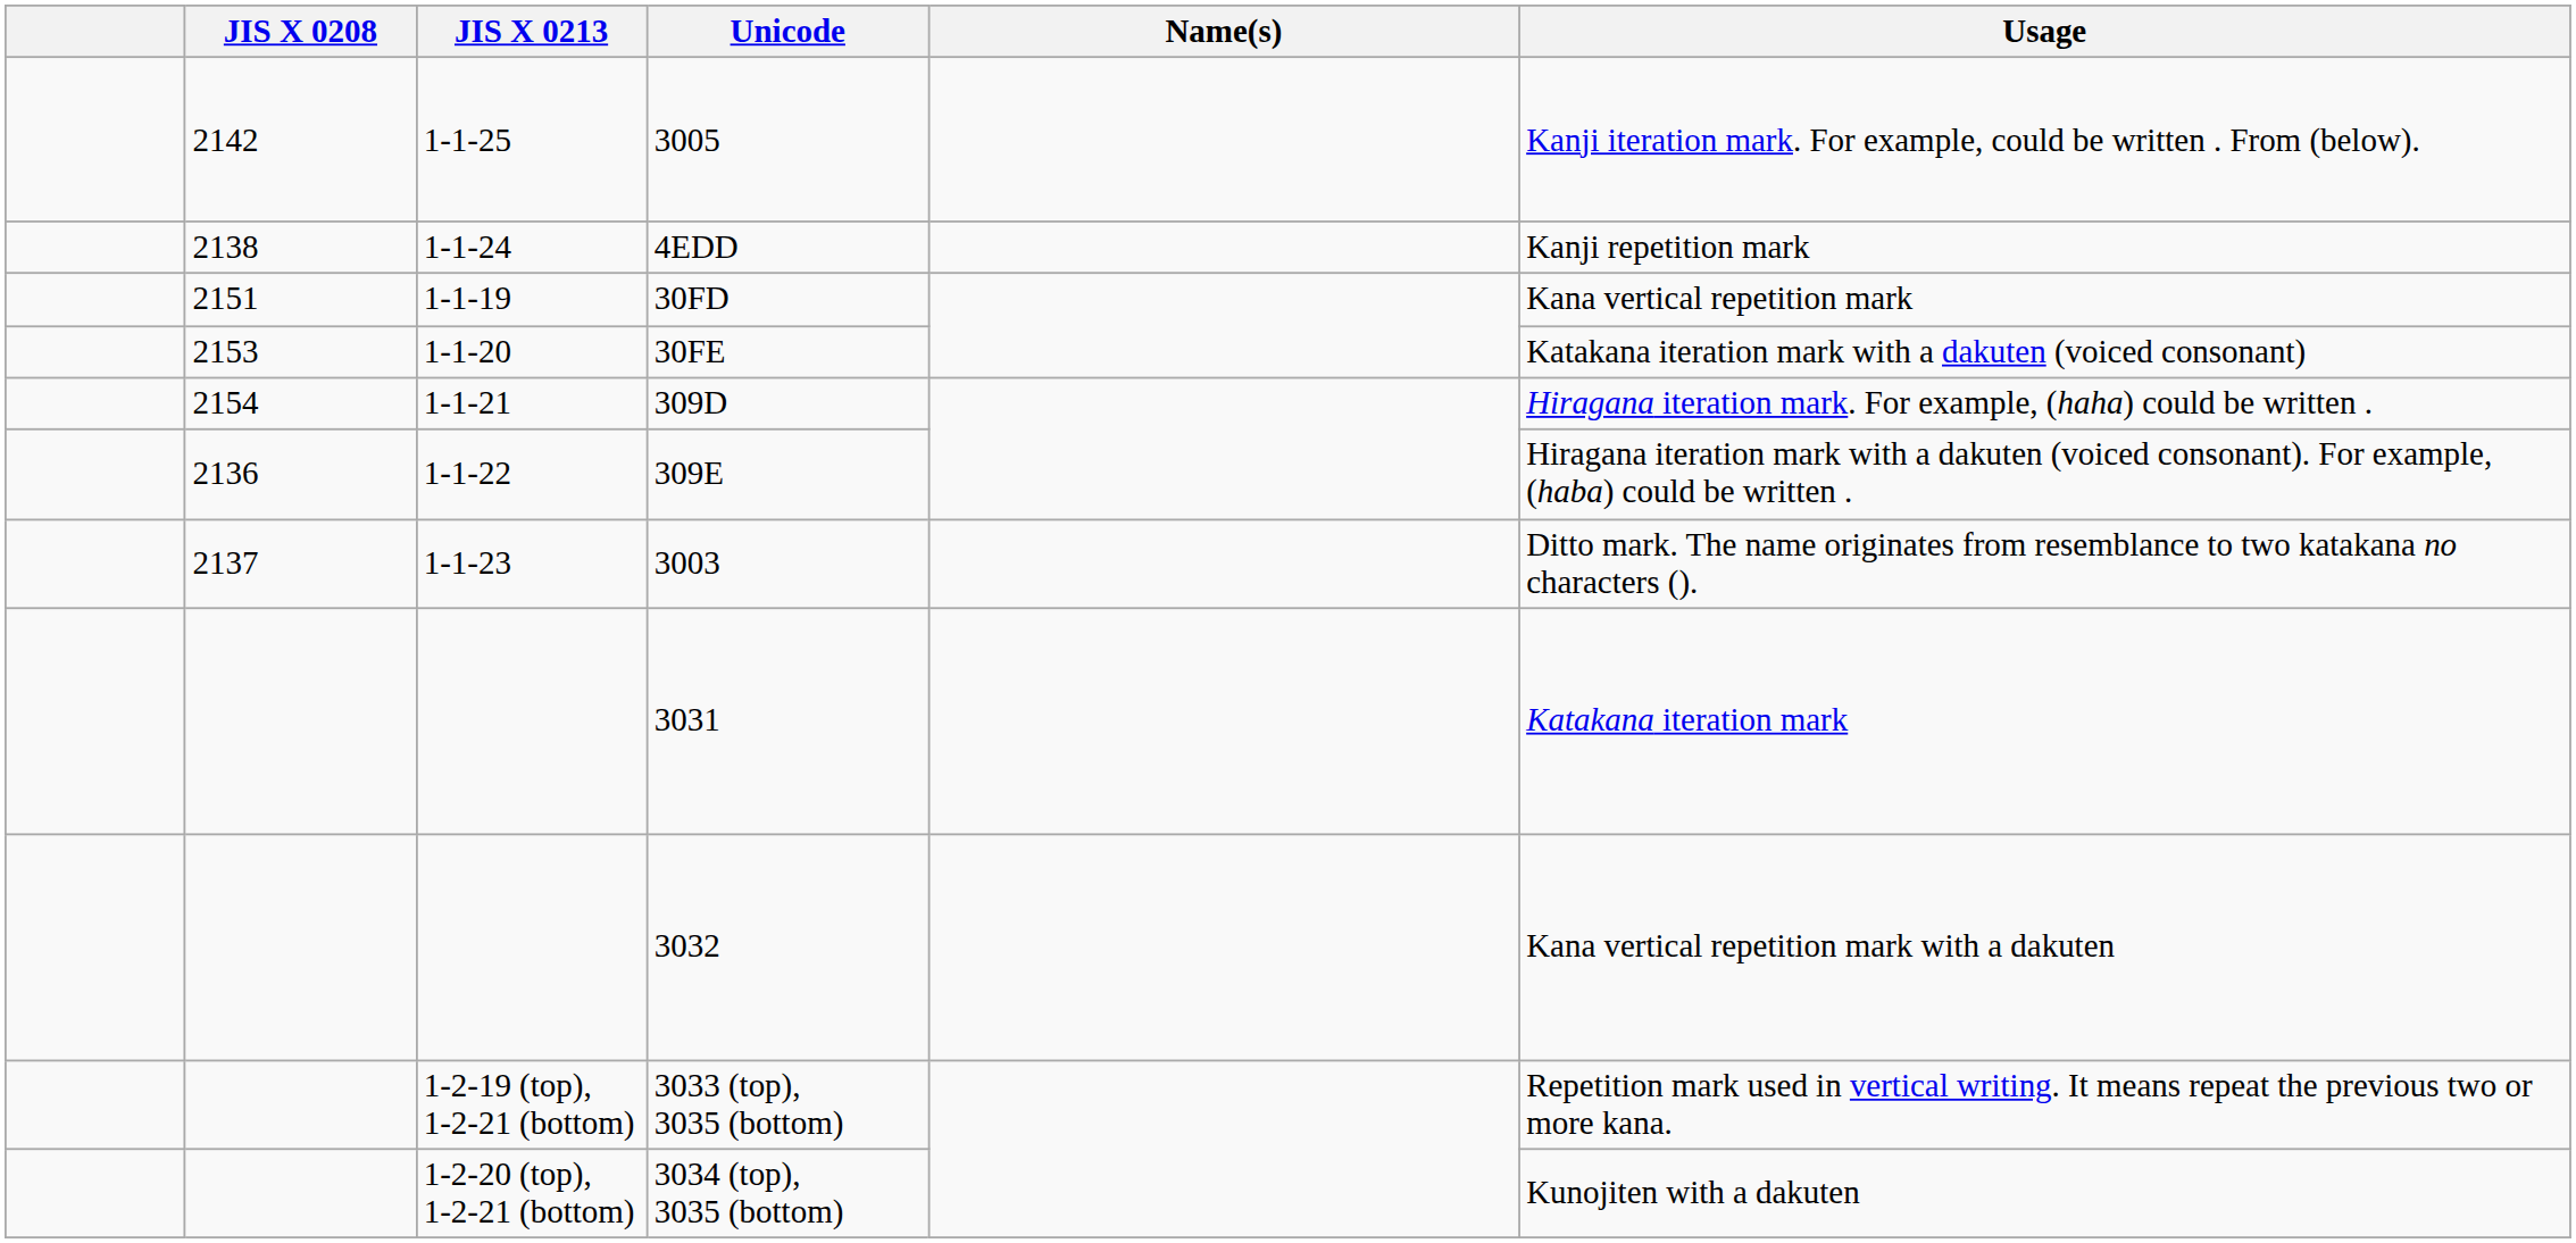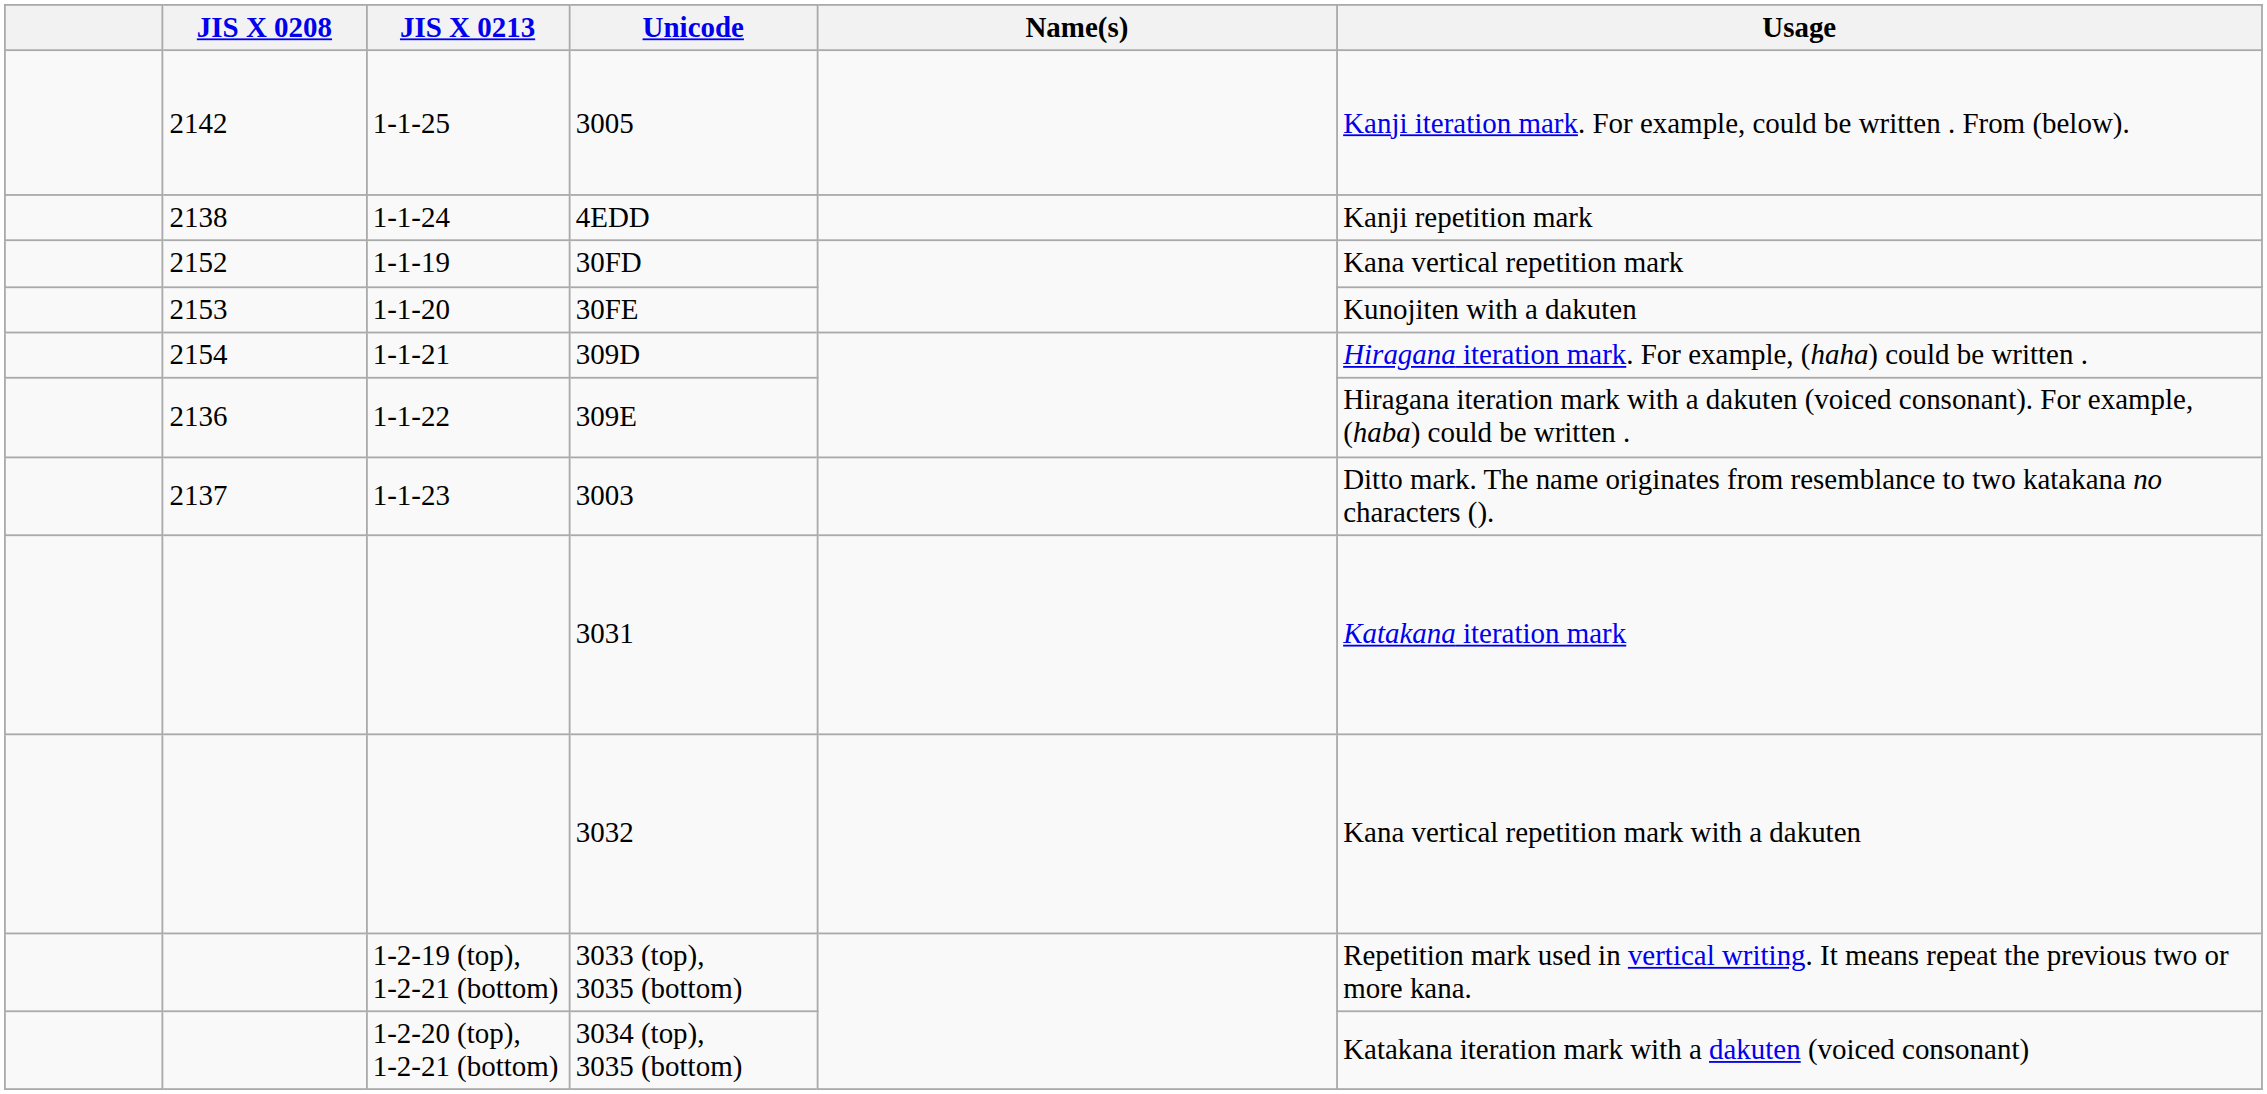 <table class="wikitable">
 <tr>
 <th style="width:7%"></th>
 <th style="width:9%"><a href='#'>JIS X 0208</a></th>
 <th style="width:9%"><a href='#'>JIS X 0213</a></th>
 <th style="width:11%"><a href='#'>Unicode</a></th>
 <th style="width:23%">Name(s)</th>
 <th style="width:41%">Usage</th>
 </tr>
 <tr>
 <td style="font-size: 2em;"></td>
 <td>2142</td>
 <td>1-1-25</td>
 <td>3005</td>
 <td><br><br> <br> <br> </td>
 <td><a href='#'>Kanji iteration mark</a>. For example,  could be written . From  (below).</td>
 </tr>
 <tr>
 <td style="font-size: 2em;"></td>
 <td>2138</td>
 <td>1-1-24</td>
 <td>4EDD</td>
 <td><br></td>
 <td>Kanji repetition mark</td>
 </tr>
 <tr>
 <td style="font-size: 2em;"></td>
-<td>2151</td>
+<td>2152</td>
 <td>1-1-19</td>
 <td>30FD</td>
 <td rowspan="2"><br><br> </td>
 <td>Kana vertical repetition mark</td>
 </tr>
 <tr>
 <td style="font-size: 2em;"></td>
 <td>2153</td>
 <td>1-1-20</td>
 <td>30FE</td>
-<td>Katakana iteration mark with a <a href='#'>dakuten</a> (voiced consonant)</td>
+<td>Kunojiten with a dakuten</td>
 </tr>
 <tr>
 <td style="font-size: 2em;"></td>
 <td>2154</td>
 <td>1-1-21</td>
 <td>309D</td>
 <td rowspan="2"><br><br> </td>
 <td><a href='#'><em>Hiragana</em> iteration mark</a>. For example,  (<em>haha</em>) could be written .</td>
 </tr>
 <tr>
 <td style="font-size: 2em;"></td>
 <td>2136</td>
 <td>1-1-22</td>
 <td>309E</td>
 <td>Hiragana iteration mark with a dakuten (voiced consonant). For example,  (<em>haba</em>) could be written .</td>
 </tr>
 <tr>
 <td style="font-size: 2em;"></td>
 <td>2137</td>
 <td>1-1-23</td>
 <td>3003</td>
 <td><br></td>
 <td>Ditto mark. The name originates from resemblance to two katakana <em>no</em> characters ().</td>
 </tr>
 <tr>
 <td style="font-size: 2em; height: 3em;"></td>
 <td></td>
 <td></td>
 <td>3031</td>
 <td></td>
 <td><a href='#'><em>Katakana</em> iteration mark</a></td>
 </tr>
 <tr>
 <td style="font-size: 2em; height: 3em;"></td>
 <td></td>
 <td></td>
 <td>3032</td>
 <td></td>
 <td>Kana vertical repetition mark with a dakuten</td>
 </tr>
 <tr>
 <td style="font-size: 2em;"></td>
 <td></td>
 <td>1-2-19 (top),<br> 1-2-21 (bottom)</td>
 <td>3033 (top),<br> 3035 (bottom)</td>
 <td rowspan="2"></td>
 <td>Repetition mark used in <a href='#'>vertical writing</a>. It means repeat the previous two or more kana.</td>
 </tr>
 <tr>
 <td style="font-size: 2em;"></td>
 <td></td>
 <td>1-2-20 (top),<br> 1-2-21 (bottom)</td>
 <td>3034 (top),<br> 3035 (bottom)</td>
-<td>Kunojiten with a dakuten</td>
+<td>Katakana iteration mark with a <a href='#'>dakuten</a> (voiced consonant)</td>
 </tr>
 </table>
